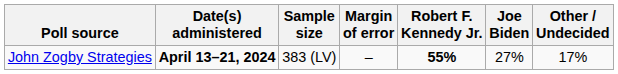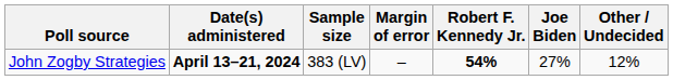 <table class="wikitable sortable mw-datatable" style="font-size:90%;text-align:center;line-height:17px">
 <tr valign=bottom>
 <th>Poll source</th>
 <th>Date(s)<br>administered</th>
 <th>Sample<br>size</th>
 <th>Margin<br>of error</th>
 <th class="unsortable">Robert F.<br>Kennedy Jr.<br></th>
 <th class="unsortable">Joe<br>Biden<br></th>
 <th class="unsortable">Other /<br>Undecided</th>
 </tr>
 <tr>
 <td style="text-align:left;"><a href='#'>John Zogby Strategies</a></td>
 <td data-sort-value="2024-05-01"><strong>April 13–21, 2024</strong></td>
 <td>383 (LV)</td>
 <td>–</td>
-<td style="background-color:"><strong>55%</strong></td>
+<td style="background-color:"><strong>54%</strong></td>
 <td>27%</td>
-<td>17%</td>
+<td>12%</td>
 </tr>
 </table>
